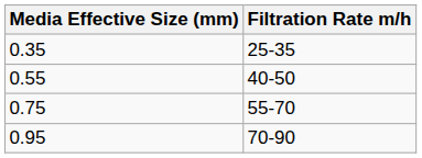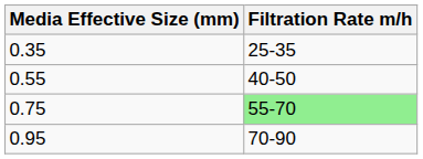 <table class="wikitable">
 <tr>
 <th>Media Effective Size (mm)</th>
 <th>Filtration Rate m/h</th>
 </tr>
 <tr>
 <td>0.35</td>
 <td>25-35</td>
 </tr>
 <tr>
 <td>0.55</td>
 <td>40-50</td>
 </tr>
 <tr>
 <td>0.75</td>
-<td>55-70</td>
+<td style="background: lightgreen;">55-70</td>
 </tr>
 <tr>
 <td>0.95</td>
 <td>70-90</td>
 </tr>
 </table>
